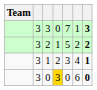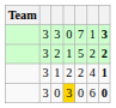 <table class=wikitable style="text-align:center">
 <tr>
 <th>Team</th>
 <th></th>
 <th></th>
 <th></th>
 <th></th>
 <th></th>
 <th></th>
 </tr>
 <tr bgcolor=ccffcc>
 <td style="text-align:left"></td>
 <td>3</td>
 <td>3</td>
 <td>0</td>
 <td>7</td>
 <td>1</td>
 <td><strong>3</strong></td>
 </tr>
 <tr bgcolor=ccffcc>
 <td style="text-align:left"></td>
 <td>3</td>
 <td>2</td>
 <td>1</td>
 <td>5</td>
 <td>2</td>
 <td><strong>2</strong></td>
 </tr>
 <tr>
 <td style="text-align:left"></td>
 <td>3</td>
 <td>1</td>
 <td>2</td>
-<td>3</td>
+<td>2</td>
 <td>4</td>
 <td><strong>1</strong></td>
 </tr>
 <tr>
 <td style="text-align:left"></td>
 <td>3</td>
 <td>0</td>
 <td style="background: gold;">3</td>
 <td>0</td>
 <td>6</td>
 <td><strong>0</strong></td>
 </tr>
 </table>
